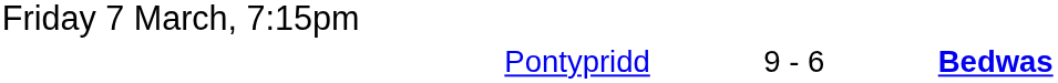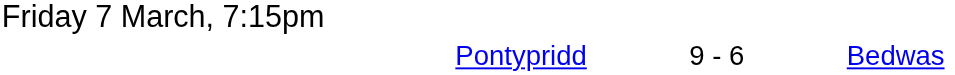 <table style="width:70%;" cellspacing="1">
 <tr>
 <th width=35%></th>
 <th width=15%></th>
 <th></th>
 </tr>
 <tr>
 <td>Friday 7 March, 7:15pm</td>
 </tr>
 <tr style=font-size:90%>
 <td align=right><a href='#'>Pontypridd</a></td>
 <td align=center>9 - 6</td>
-<td><strong><a href='#'>Bedwas</a></strong></td>
+<td><a href='#'>Bedwas</a></td>
 </tr>
 </table>
